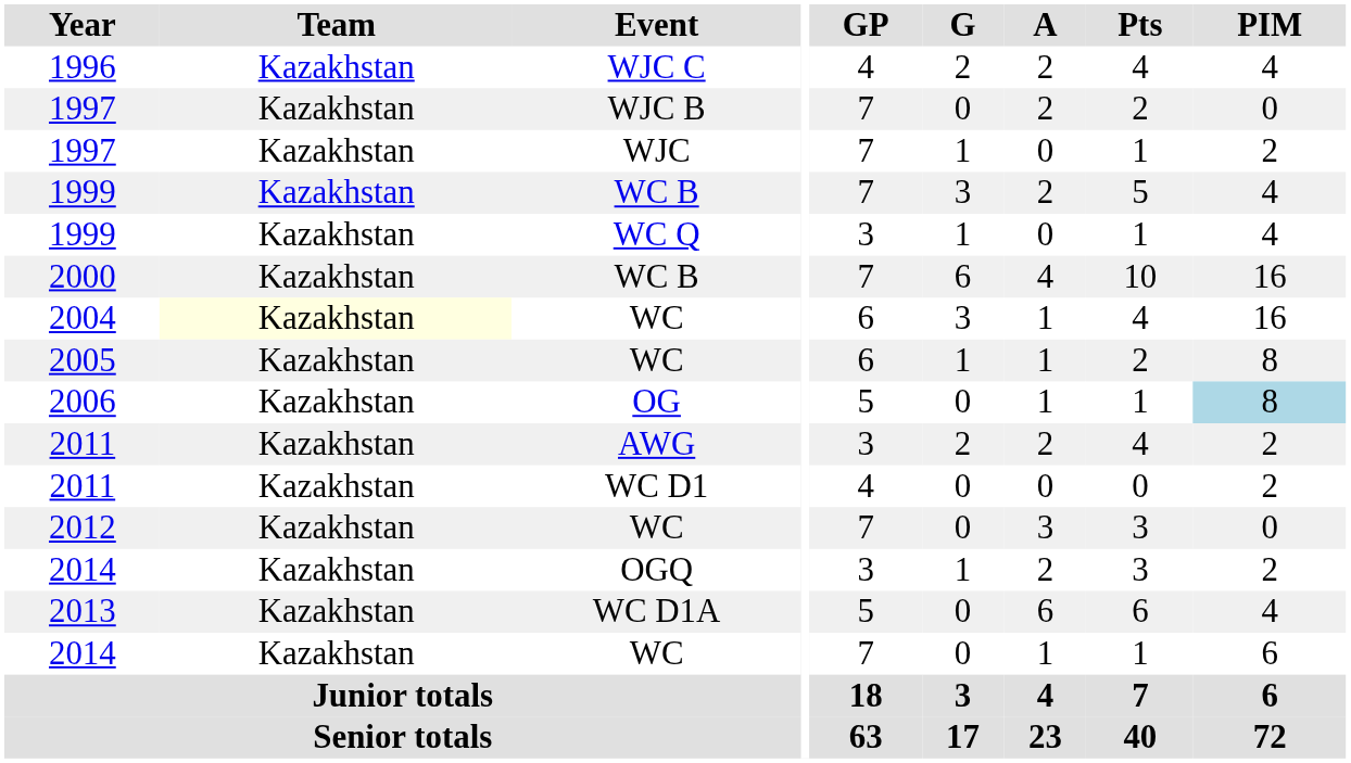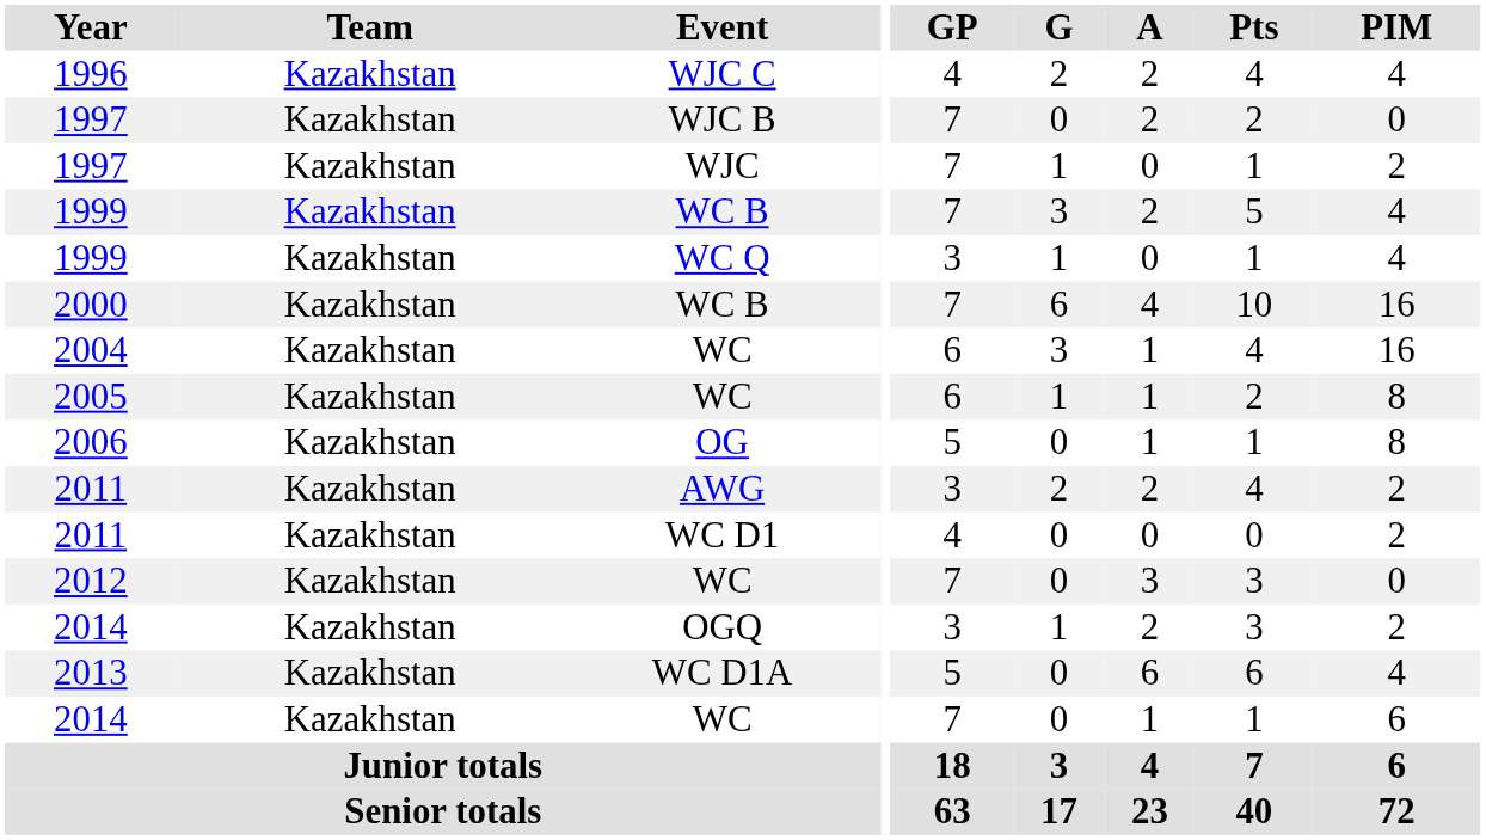 <table border="0" cellpadding="1" cellspacing="0" ID="Table3" style="text-align:center; width:40em">
 <tr ALIGN="center" bgcolor="#e0e0e0">
 <th>Year</th>
 <th>Team</th>
 <th>Event</th>
 <th rowspan="99" bgcolor="#ffffff"></th>
 <th>GP</th>
 <th>G</th>
 <th>A</th>
 <th>Pts</th>
 <th>PIM</th>
 </tr>
 <tr>
 <td><a href='#'>1996</a></td>
 <td><a href='#'>Kazakhstan</a></td>
 <td><a href='#'>WJC C</a></td>
 <td>4</td>
 <td>2</td>
 <td>2</td>
 <td>4</td>
 <td>4</td>
 </tr>
 <tr bgcolor="#f0f0f0">
 <td><a href='#'>1997</a></td>
 <td>Kazakhstan</td>
 <td>WJC B</td>
 <td>7</td>
 <td>0</td>
 <td>2</td>
 <td>2</td>
 <td>0</td>
 </tr>
 <tr>
 <td><a href='#'>1997</a></td>
 <td>Kazakhstan</td>
 <td>WJC</td>
 <td>7</td>
 <td>1</td>
 <td>0</td>
 <td>1</td>
 <td>2</td>
 </tr>
 <tr bgcolor="#f0f0f0">
 <td><a href='#'>1999</a></td>
 <td><a href='#'>Kazakhstan</a></td>
 <td><a href='#'>WC B</a></td>
 <td>7</td>
 <td>3</td>
 <td>2</td>
 <td>5</td>
 <td>4</td>
 </tr>
 <tr>
 <td><a href='#'>1999</a></td>
 <td>Kazakhstan</td>
 <td><a href='#'>WC Q</a></td>
 <td>3</td>
 <td>1</td>
 <td>0</td>
 <td>1</td>
 <td>4</td>
 </tr>
 <tr bgcolor="#f0f0f0">
 <td><a href='#'>2000</a></td>
 <td>Kazakhstan</td>
 <td>WC B</td>
 <td>7</td>
 <td>6</td>
 <td>4</td>
 <td>10</td>
 <td>16</td>
 </tr>
 <tr>
 <td><a href='#'>2004</a></td>
-<td style="background: lightyellow;">Kazakhstan</td>
+<td>Kazakhstan</td>
 <td>WC</td>
 <td>6</td>
 <td>3</td>
 <td>1</td>
 <td>4</td>
 <td>16</td>
 </tr>
 <tr bgcolor="#f0f0f0">
 <td><a href='#'>2005</a></td>
 <td>Kazakhstan</td>
 <td>WC</td>
 <td>6</td>
 <td>1</td>
 <td>1</td>
 <td>2</td>
 <td>8</td>
 </tr>
 <tr>
 <td><a href='#'>2006</a></td>
 <td>Kazakhstan</td>
 <td><a href='#'>OG</a></td>
 <td>5</td>
 <td>0</td>
 <td>1</td>
 <td>1</td>
-<td style="background: lightblue;">8</td>
+<td>8</td>
 </tr>
 <tr bgcolor="#f0f0f0">
 <td><a href='#'>2011</a></td>
 <td>Kazakhstan</td>
 <td><a href='#'>AWG</a></td>
 <td>3</td>
 <td>2</td>
 <td>2</td>
 <td>4</td>
 <td>2</td>
 </tr>
 <tr>
 <td><a href='#'>2011</a></td>
 <td>Kazakhstan</td>
 <td>WC D1</td>
 <td>4</td>
 <td>0</td>
 <td>0</td>
 <td>0</td>
 <td>2</td>
 </tr>
 <tr bgcolor="#f0f0f0">
 <td><a href='#'>2012</a></td>
 <td>Kazakhstan</td>
 <td>WC</td>
 <td>7</td>
 <td>0</td>
 <td>3</td>
 <td>3</td>
 <td>0</td>
 </tr>
 <tr>
 <td><a href='#'>2014</a></td>
 <td>Kazakhstan</td>
 <td>OGQ</td>
 <td>3</td>
 <td>1</td>
 <td>2</td>
 <td>3</td>
 <td>2</td>
 </tr>
 <tr bgcolor="#f0f0f0">
 <td><a href='#'>2013</a></td>
 <td>Kazakhstan</td>
 <td>WC D1A</td>
 <td>5</td>
 <td>0</td>
 <td>6</td>
 <td>6</td>
 <td>4</td>
 </tr>
 <tr>
 <td><a href='#'>2014</a></td>
 <td>Kazakhstan</td>
 <td>WC</td>
 <td>7</td>
 <td>0</td>
 <td>1</td>
 <td>1</td>
 <td>6</td>
 </tr>
 <tr style="background: #e0e0e0;">
 <th colspan="3">Junior totals</th>
 <th>18</th>
 <th>3</th>
 <th>4</th>
 <th>7</th>
 <th>6</th>
 </tr>
 <tr style="background: #e0e0e0;">
 <th colspan="3">Senior totals</th>
 <th>63</th>
 <th>17</th>
 <th>23</th>
 <th>40</th>
 <th>72</th>
 </tr>
 </table>
